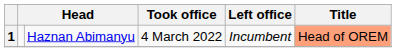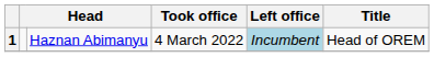 <table class="wikitable sortable">
 <tr>
 <th></th>
 <th colspan="2">Head</th>
 <th>Took office</th>
 <th>Left office</th>
 <th>Title</th>
 </tr>
 <tr>
 <th>1</th>
 <td></td>
 <td><a href='#'>Haznan Abimanyu</a></td>
 <td align="center">4 March 2022</td>
-<td align="center"><em>Incumbent</em></td>
-<td align="center" style="background: lightsalmon;">Head of OREM</td>
+<td align="center" style="background: lightblue;"><em>Incumbent</em></td>
+<td align="center">Head of OREM</td>
 </tr>
 <tr>
 </tr>
 </table>
